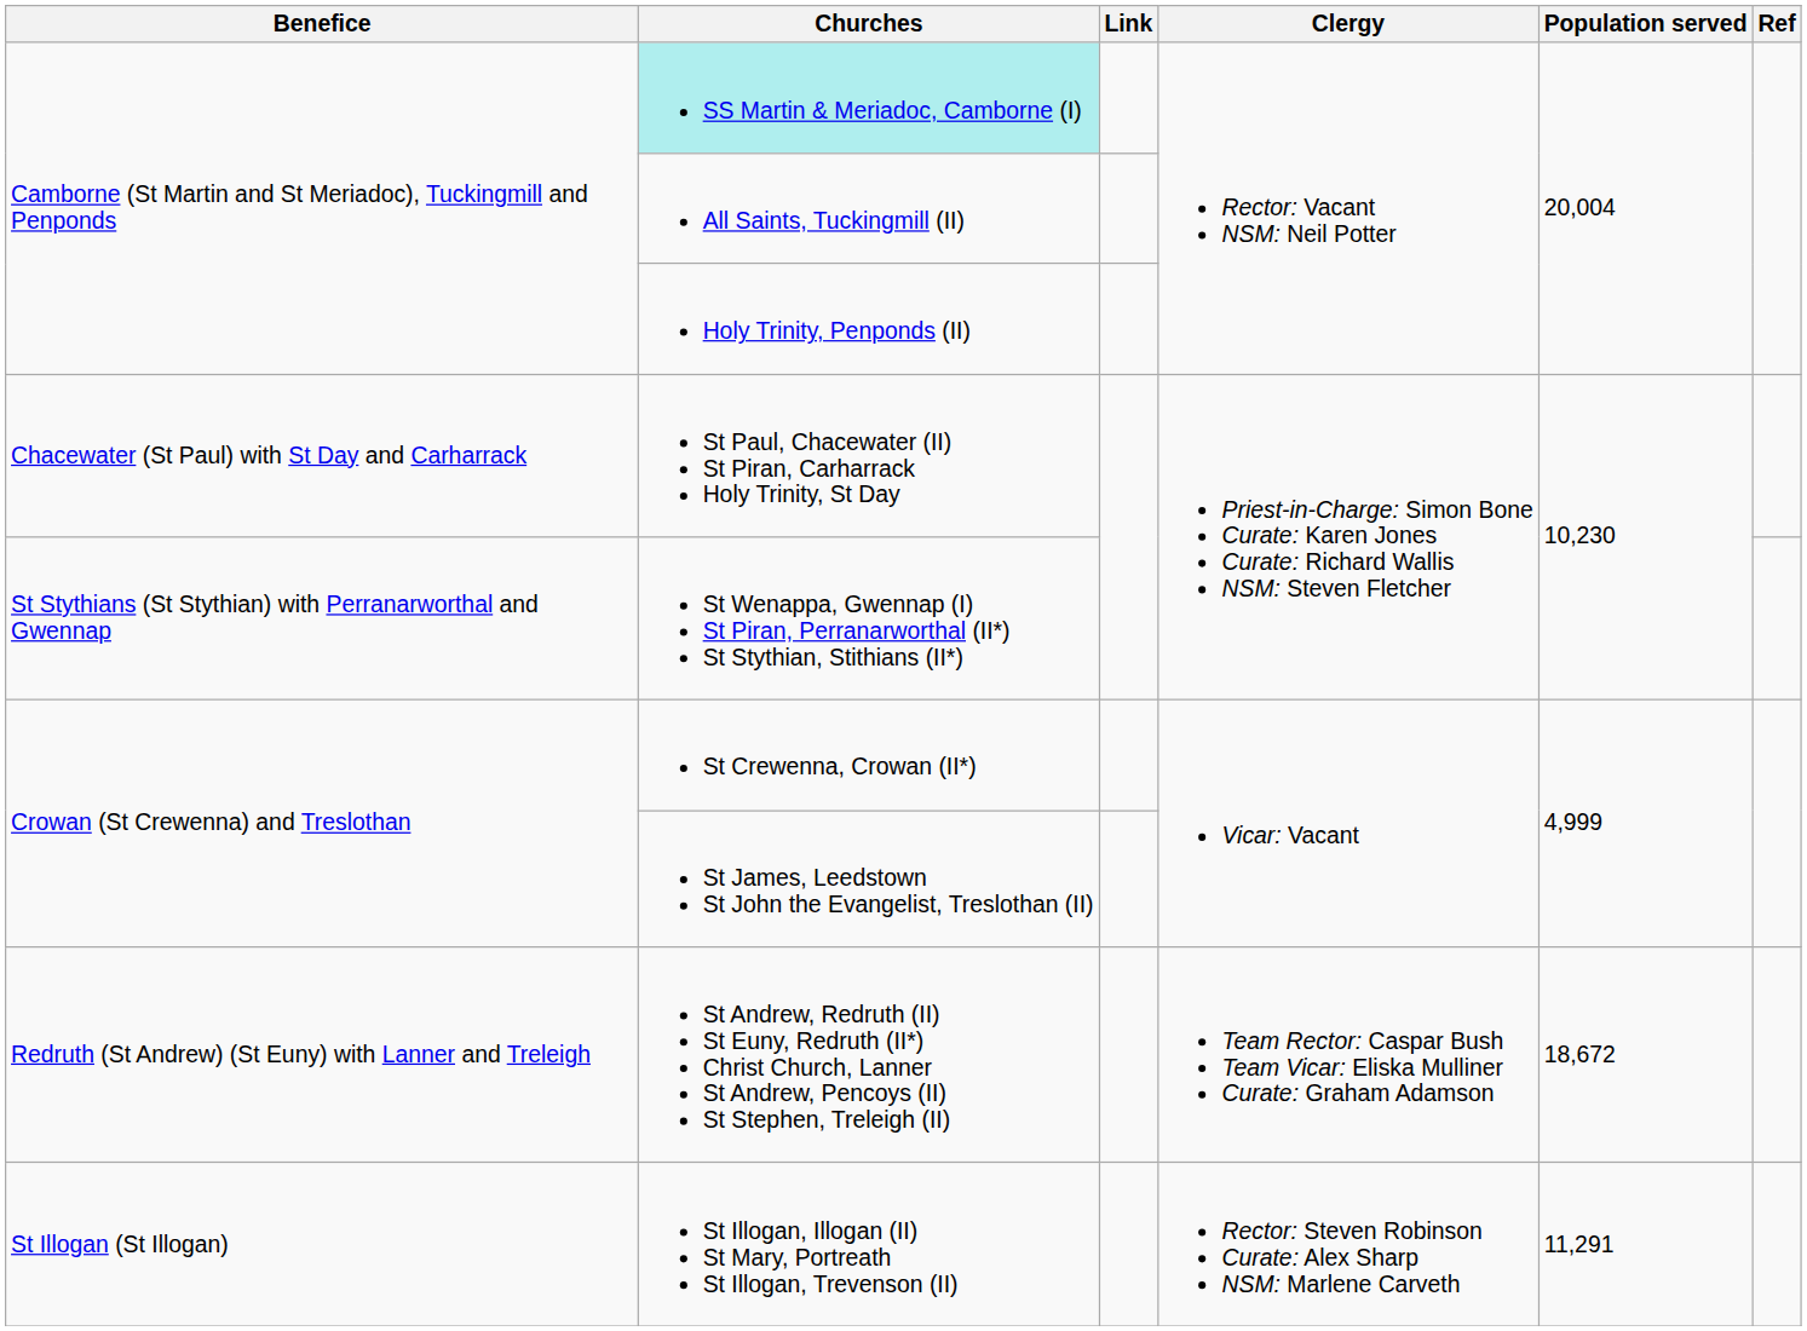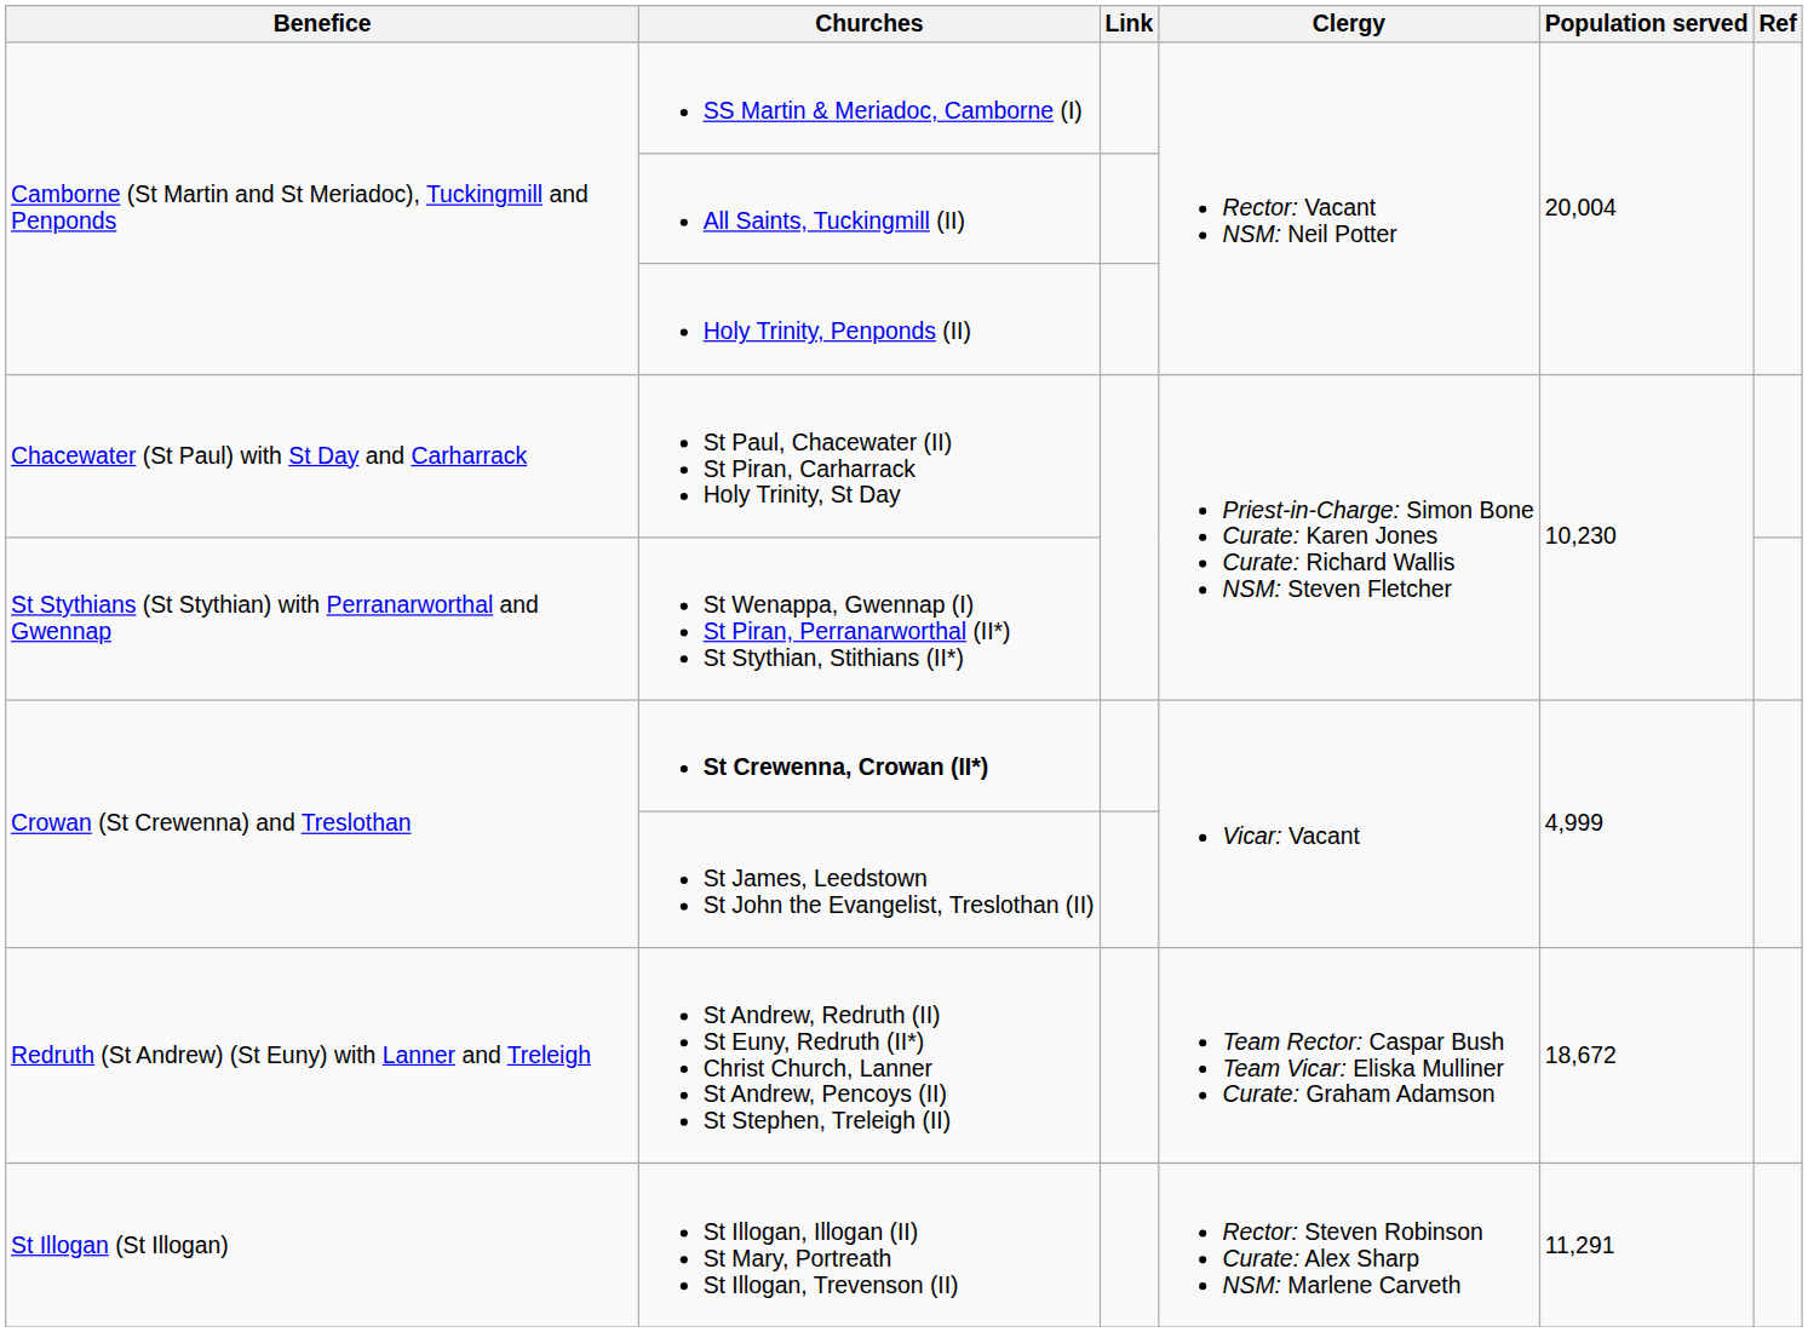 <table class="wikitable">
 <tr>
 <th width="425">Benefice</th>
 <th>Churches</th>
 <th>Link</th>
 <th>Clergy</th>
 <th>Population served</th>
 <th>Ref</th>
 </tr>
 <tr>
 <td rowspan="3"><a href='#'>Camborne</a> (St Martin and St Meriadoc), <a href='#'>Tuckingmill</a> and <a href='#'>Penponds</a></td>
-<td style="background: paleturquoise;"><br><ul><li><a href='#'>SS Martin & Meriadoc, Camborne</a> (I)</li></ul></td>
+<td><br><ul><li><a href='#'>SS Martin & Meriadoc, Camborne</a> (I)</li></ul></td>
 <td></td>
 <td rowspan="3"><br><ul><li><em>Rector:</em> Vacant</li><li><em>NSM:</em> Neil Potter</li></ul></td>
 <td rowspan="3">20,004</td>
 <td rowspan="3"></td>
 </tr>
 <tr>
 <td><br><ul><li><a href='#'>All Saints, Tuckingmill</a> (II)</li></ul></td>
 <td> </td>
 </tr>
 <tr>
 <td><br><ul><li><a href='#'>Holy Trinity, Penponds</a> (II)</li></ul></td>
 <td></td>
 </tr>
 <tr>
 <td><a href='#'>Chacewater</a> (St Paul) with <a href='#'>St Day</a> and <a href='#'>Carharrack</a></td>
 <td><br><ul><li>St Paul, Chacewater (II)</li><li>St Piran, Carharrack</li><li>Holy Trinity, St Day</li></ul></td>
 <td rowspan="2"></td>
 <td rowspan="2"><br><ul><li><em>Priest-in-Charge:</em> Simon Bone</li><li><em>Curate:</em> Karen Jones</li><li><em>Curate:</em> Richard Wallis</li><li><em>NSM:</em> Steven Fletcher</li></ul></td>
 <td rowspan="2">10,230</td>
 <td></td>
 </tr>
 <tr>
 <td><a href='#'>St Stythians</a> (St Stythian) with <a href='#'>Perranarworthal</a> and <a href='#'>Gwennap</a></td>
 <td><br><ul><li>St Wenappa, Gwennap (I)</li><li><a href='#'>St Piran, Perranarworthal</a> (II*)</li><li>St Stythian, Stithians (II*)</li></ul></td>
 <td></td>
 </tr>
 <tr>
 <td rowspan="2"><a href='#'>Crowan</a> (St Crewenna) and <a href='#'>Treslothan</a></td>
-<td><br><ul><li>St Crewenna, Crowan (II*)</li></ul></td>
+<td><strong><br><ul><li>St Crewenna, Crowan (II*)</li></ul></strong></td>
 <td></td>
 <td rowspan="2"><br><ul><li><em>Vicar:</em> Vacant</li></ul></td>
 <td rowspan="2">4,999</td>
 <td rowspan="2"></td>
 </tr>
 <tr>
 <td><br><ul><li>St James, Leedstown</li><li>St John the Evangelist, Treslothan (II)</li></ul></td>
 <td></td>
 </tr>
 <tr>
 <td><a href='#'>Redruth</a> (St Andrew) (St Euny) with <a href='#'>Lanner</a> and <a href='#'>Treleigh</a></td>
 <td><br><ul><li>St Andrew, Redruth (II)</li><li>St Euny, Redruth (II*)</li><li>Christ Church, Lanner</li><li>St Andrew, Pencoys (II)</li><li>St Stephen, Treleigh (II)</li></ul></td>
 <td></td>
 <td><br><ul><li><em>Team Rector:</em> Caspar Bush</li><li><em>Team Vicar:</em> Eliska Mulliner</li><li><em>Curate:</em> Graham Adamson</li></ul></td>
 <td>18,672</td>
 <td></td>
 </tr>
 <tr>
 <td><a href='#'>St Illogan</a> (St Illogan)</td>
 <td><br><ul><li>St Illogan, Illogan (II)</li><li>St Mary, Portreath</li><li>St Illogan, Trevenson (II)</li></ul></td>
 <td></td>
 <td><br><ul><li><em>Rector:</em> Steven Robinson</li><li><em>Curate:</em> Alex Sharp</li><li><em>NSM:</em> Marlene Carveth</li></ul></td>
 <td>11,291</td>
 <td></td>
 </tr>
 </table>
